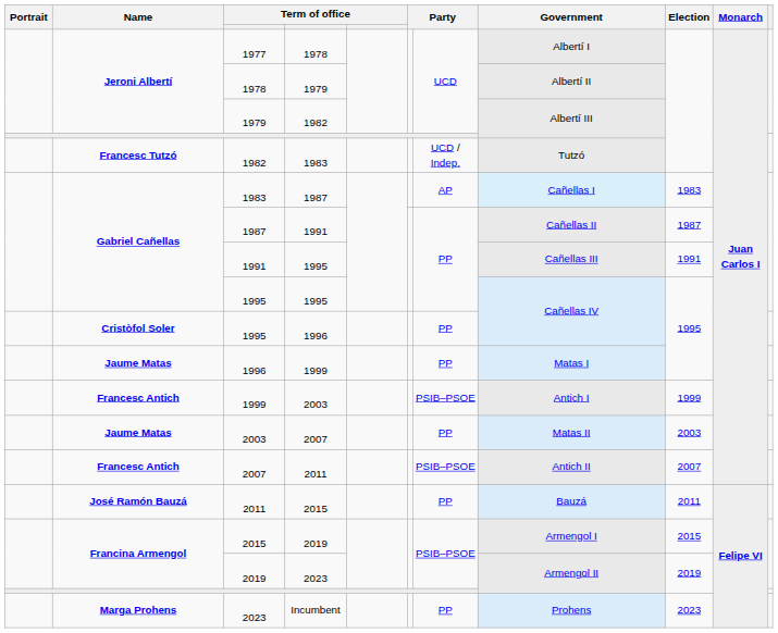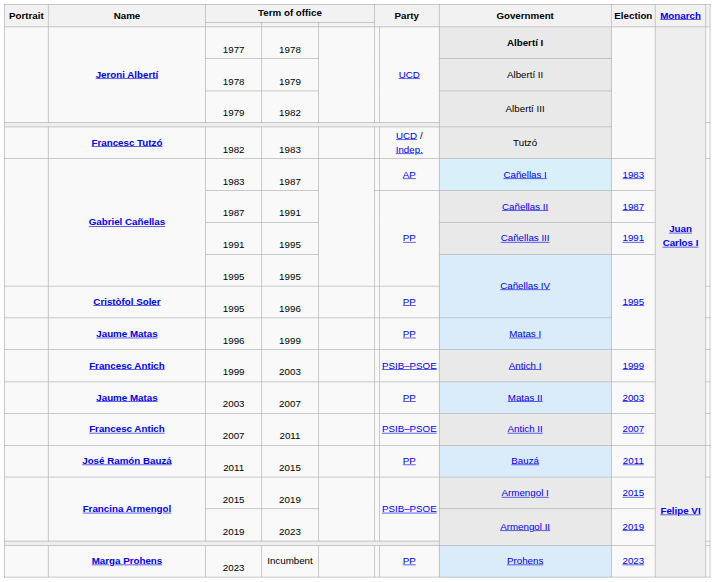 <table class=wikitable style="line-height:1.4em; text-align:center; border:1px #aaf solid;">
 <tr>
 <th rowspan="2" width="65">Portrait</th>
 <th rowspan="2" width="250">Name<br></th>
 <th colspan="3">Term of office</th>
 <th rowspan="2" colspan="2" width="90">Party</th>
 <th rowspan="2" width="275">Government<br></th>
 <th rowspan="2" width="65">Election</th>
 <th rowspan="2" width="75"><a href='#'>Monarch</a><br></th>
 <th rowspan="2"></th>
 </tr>
 <tr>
 <th width="85"></th>
 <th width="85"></th>
 <th width="85"></th>
 </tr>
 <tr>
 <td rowspan="3" width="65"></td>
 <td rowspan="3"><strong><a href='#'>Jeroni Albertí</a></strong><br></td>
 <td class="nowrap"><br>1977</td>
 <td class="nowrap"><br>1978</td>
 <td rowspan="3" style="font-size:95%;"></td>
 <td rowspan="3" width="1" style=background:></td>
 <td rowspan="3" width="90"><a href='#'>UCD</a></td>
-<td style="background:#E9E9E9;">Albertí I<br></td>
+<td style="background:#E9E9E9;"><strong>Albertí I<br></strong></td>
 <td rowspan="5" style="color:#ccc;"></td>
 <td rowspan="16" scope="row" style="text-align:center;" bgcolor="#EEEEEE"><br><strong><a href='#'>Juan Carlos I</a></strong><br><br></td>
 <td rowspan="3"><br><br></td>
 </tr>
 <tr>
 <td class="nowrap"><br>1978</td>
 <td class="nowrap"><br>1979</td>
 <td style="background:#E9E9E9;">Albertí II<br></td>
 </tr>
 <tr>
 <td class="nowrap"><br>1979</td>
 <td class="nowrap"><br>1982</td>
 <td rowspan="2" style="background:#E9E9E9;">Albertí III<br></td>
 </tr>
 <tr>
 <td colspan="7" style=background:#EEEEEE;></td>
 <td rowspan="2"><br></td>
 </tr>
 <tr>
 <td></td>
 <td><strong><a href='#'>Francesc Tutzó</a></strong><br></td>
 <td class="nowrap"><br>1982</td>
 <td class="nowrap"><br>1983</td>
 <td style="font-size:95%;"></td>
 <td style=background:></td>
 <td><a href='#'>UCD</a> /<br><a href='#'>Indep.</a></td>
 <td style="background:#E9E9E9;">Tutzó<br></td>
 </tr>
 <tr>
 <td rowspan="5"></td>
 <td rowspan="5"><strong><a href='#'>Gabriel Cañellas</a></strong><br></td>
 <td class="nowrap"><br>1983</td>
 <td class="nowrap"><br>1987</td>
 <td style="font-size:95%;" rowspan="5"></td>
 <td rowspan="2" style=background:></td>
 <td rowspan="2"><a href='#'>AP</a></td>
 <td style=background:#D9EFFA;><a href='#'>Cañellas I</a><br></td>
 <td><a href='#'>1983</a></td>
 <td rowspan="5"><br><br><br></td>
 </tr>
 <tr>
 <td rowspan="2" class="nowrap"><br>1987</td>
 <td rowspan="2" class="nowrap"><br>1991</td>
 <td rowspan="2" style="background:#E9E9E9;"><a href='#'>Cañellas II</a><br></td>
 <td rowspan="2"><a href='#'>1987</a></td>
 </tr>
 <tr>
 <td rowspan="3" style=background:></td>
 <td rowspan="3"><a href='#'>PP</a></td>
 </tr>
 <tr>
 <td class="nowrap"><br>1991</td>
 <td class="nowrap"><br>1995</td>
 <td style="background:#E9E9E9;"><a href='#'>Cañellas III</a><br></td>
 <td><a href='#'>1991</a></td>
 </tr>
 <tr>
 <td class="nowrap"><br>1995</td>
 <td class="nowrap"><br>1995</td>
 <td rowspan="2" style=background:#DAECFA;><a href='#'>Cañellas IV</a><br></td>
 <td rowspan="3"><a href='#'>1995</a></td>
 </tr>
 <tr>
 <td></td>
 <td><strong><a href='#'>Cristòfol Soler</a></strong><br></td>
 <td class="nowrap"><br>1995</td>
 <td class="nowrap"><br>1996</td>
 <td style="font-size:95%;"></td>
 <td style=background:></td>
 <td><a href='#'>PP</a></td>
 <td></td>
 </tr>
 <tr>
 <td></td>
 <td><strong><a href='#'>Jaume Matas</a></strong><br></td>
 <td class="nowrap"><br>1996</td>
 <td class="nowrap"><br>1999</td>
 <td style="font-size:95%;"></td>
 <td style=background:></td>
 <td><a href='#'>PP</a></td>
 <td style=background:#DAECFA;><a href='#'>Matas I</a><br></td>
 <td></td>
 </tr>
 <tr>
 <td></td>
 <td><strong><a href='#'>Francesc Antich</a></strong><br></td>
 <td class="nowrap"><br>1999</td>
 <td class="nowrap"><br>2003</td>
 <td style="font-size:95%;"></td>
 <td style=background:></td>
 <td><a href='#'>PSIB–PSOE</a></td>
 <td style="background:#E9E9E9;"><a href='#'>Antich I</a><br></td>
 <td><a href='#'>1999</a></td>
 <td></td>
 </tr>
 <tr>
 <td></td>
 <td><strong><a href='#'>Jaume Matas</a></strong><br></td>
 <td class="nowrap"><br>2003</td>
 <td class="nowrap"><br>2007</td>
 <td style="font-size:95%;"></td>
 <td style=background:></td>
 <td><a href='#'>PP</a></td>
 <td style=background:#DAECFA;><a href='#'>Matas II</a><br></td>
 <td><a href='#'>2003</a></td>
 <td></td>
 </tr>
 <tr>
 <td></td>
 <td><strong><a href='#'>Francesc Antich</a></strong><br></td>
 <td class="nowrap"><br>2007</td>
 <td class="nowrap"><br>2011</td>
 <td style="font-size:95%;"></td>
 <td style=background:></td>
 <td><a href='#'>PSIB–PSOE</a></td>
 <td style="background:#E9E9E9;"><a href='#'>Antich II</a><br></td>
 <td><a href='#'>2007</a></td>
 <td></td>
 </tr>
 <tr>
 <td rowspan="2"></td>
 <td rowspan="2"><strong><a href='#'>José Ramón Bauzá</a></strong><br></td>
 <td rowspan="2" class="nowrap"><br>2011</td>
 <td rowspan="2" class="nowrap"><br>2015</td>
 <td rowspan="2" style="font-size:95%;"></td>
 <td rowspan="2" style=background:></td>
 <td rowspan="2"><a href='#'>PP</a></td>
 <td rowspan="2" style=background:#DAECFA;><a href='#'>Bauzá</a><br></td>
 <td rowspan="2"><a href='#'>2011</a></td>
 <td rowspan="2"></td>
 </tr>
 <tr>
 <td rowspan="5" scope="row" style="text-align:center;" bgcolor="#EEEEEE"><br><strong><a href='#'>Felipe VI</a></strong><br><br></td>
 </tr>
 <tr>
 <td rowspan="2"></td>
 <td rowspan="2"><strong><a href='#'>Francina Armengol</a></strong><br></td>
 <td class="nowrap"><br>2015</td>
 <td class="nowrap"><br>2019</td>
 <td rowspan="2" style="font-size:95%;"></td>
 <td rowspan="2" style=background:></td>
 <td rowspan="2"><a href='#'>PSIB–PSOE</a></td>
 <td style="background:#E9E9E9;"><a href='#'>Armengol I</a><br></td>
 <td><a href='#'>2015</a></td>
 <td rowspan="2"><br></td>
 </tr>
 <tr>
 <td class="nowrap"><br>2019</td>
 <td class="nowrap"><br>2023</td>
 <td rowspan="2" style="background:#E9E9E9;"><a href='#'>Armengol II</a><br></td>
 <td rowspan="2"><a href='#'>2019</a></td>
 </tr>
 <tr>
 <td colspan="7" style=background:#EEEEEE;></td>
 <td></td>
 </tr>
 <tr>
 <td></td>
 <td><strong><a href='#'>Marga Prohens</a></strong><br></td>
 <td class="nowrap"><br>2023</td>
 <td class="nowrap">Incumbent</td>
 <td style="font-size:95%;"></td>
 <td style=background:></td>
 <td><a href='#'>PP</a></td>
 <td style=background:#DAECFA;><a href='#'>Prohens</a><br></td>
 <td><a href='#'>2023</a></td>
 <td></td>
 </tr>
 </table>
